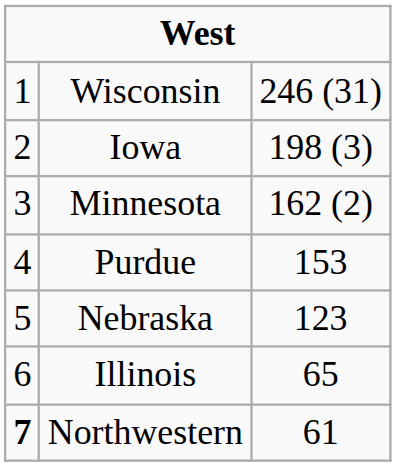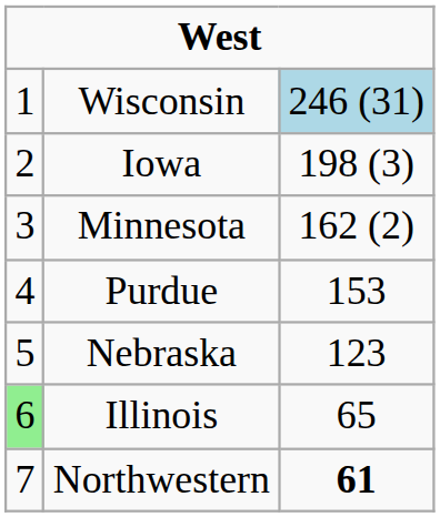 <table class="wikitable" style="display: inline-table;">
 <tr align="center">
 <td align="center" Colspan="3"><strong>West</strong><br></td>
 </tr>
 <tr align="center">
 <td>1</td>
 <td>Wisconsin</td>
-<td>246 (31)</td>
+<td style="background: lightblue;">246 (31)</td>
 </tr>
 <tr align="center">
 <td>2</td>
 <td>Iowa</td>
 <td>198 (3)</td>
 </tr>
 <tr align="center">
 <td>3</td>
 <td>Minnesota</td>
 <td>162 (2)</td>
 </tr>
 <tr align="center">
 <td>4</td>
 <td>Purdue</td>
 <td>153</td>
 </tr>
 <tr align="center">
 <td>5</td>
 <td>Nebraska</td>
 <td>123</td>
 </tr>
 <tr align="center">
-<td>6</td>
+<td style="background: lightgreen;">6</td>
 <td>Illinois</td>
 <td>65</td>
 </tr>
 <tr align="center">
-<td><strong>7</strong></td>
+<td>7</td>
 <td>Northwestern</td>
-<td>61</td>
+<td><strong>61</strong></td>
 </tr>
 </table>
